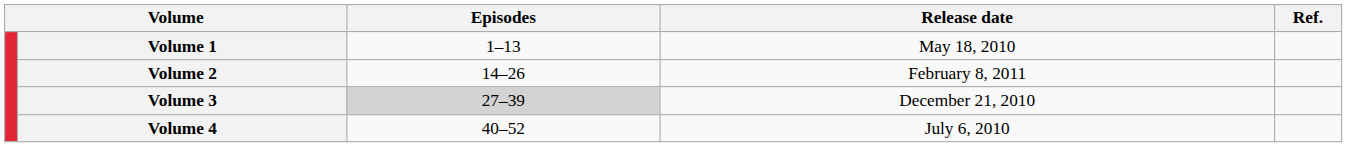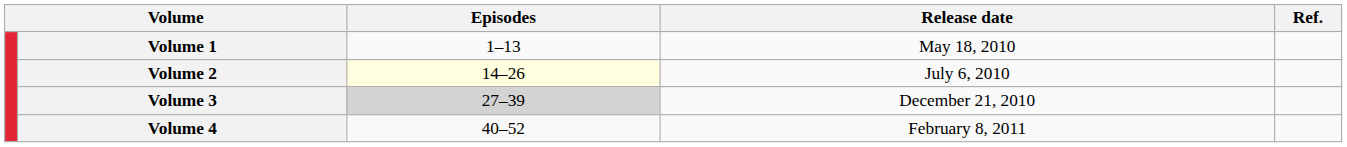 <table class="wikitable" style="text-align: center; width: 98%;">
 <tr>
 <th scope="column" colspan="2">Volume</th>
 <th scope="column">Episodes</th>
 <th scope="column">Release date</th>
 <th scope="column" width="5%">Ref.</th>
 </tr>
 <tr>
 <td rowspan="4" width="1%" style="background: #E32636;"></td>
 <th scope="row">Volume 1</th>
 <td>1–13</td>
 <td>May 18, 2010</td>
 <td></td>
 </tr>
 <tr>
 <th scope="row">Volume 2</th>
-<td>14–26</td>
-<td>February 8, 2011</td>
+<td style="background: lightyellow;">14–26</td>
+<td>July 6, 2010</td>
 <td></td>
 </tr>
 <tr>
 <th scope="row">Volume 3</th>
 <td style="background: lightgrey;">27–39</td>
 <td>December 21, 2010</td>
 <td></td>
 </tr>
 <tr>
 <th scope="row">Volume 4</th>
 <td>40–52</td>
-<td>July 6, 2010</td>
+<td>February 8, 2011</td>
 <td></td>
 </tr>
 </table>
